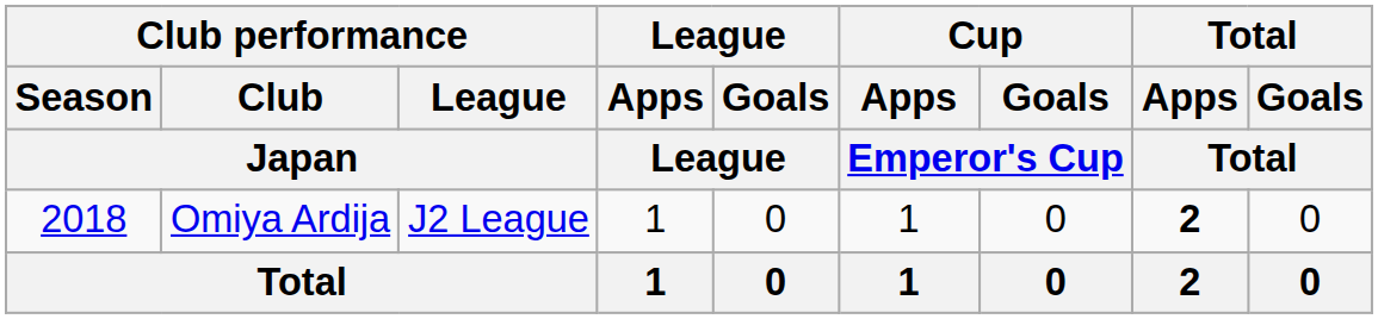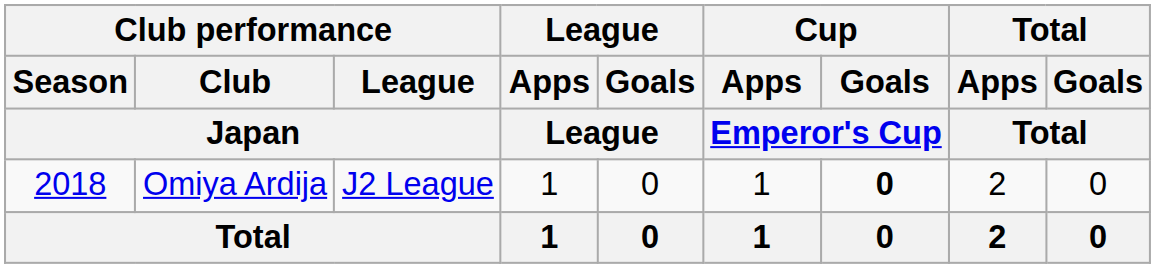 <table class="wikitable" style="text-align:center;">
 <tr>
 <th colspan=3>Club performance</th>
 <th colspan=2>League</th>
 <th colspan=2>Cup</th>
 <th colspan=2>Total</th>
 </tr>
 <tr>
 <th>Season</th>
 <th>Club</th>
 <th>League</th>
 <th>Apps</th>
 <th>Goals</th>
 <th>Apps</th>
 <th>Goals</th>
 <th>Apps</th>
 <th>Goals</th>
 </tr>
 <tr>
 <th colspan=3>Japan</th>
 <th colspan=2>League</th>
 <th colspan=2><a href='#'>Emperor's Cup</a></th>
 <th colspan=2>Total</th>
 </tr>
 <tr>
 <td><a href='#'>2018</a></td>
 <td rowspan="1"><a href='#'>Omiya Ardija</a></td>
 <td rowspan="1"><a href='#'>J2 League</a></td>
 <td>1</td>
 <td>0</td>
 <td>1</td>
-<td>0</td>
-<td><strong>2</strong></td>
+<td><strong>0</strong></td>
+<td>2</td>
 <td>0</td>
 </tr>
 <tr>
 <th colspan=3>Total</th>
 <th>1</th>
 <th>0</th>
 <th>1</th>
 <th>0</th>
 <th>2</th>
 <th>0</th>
 </tr>
 </table>
